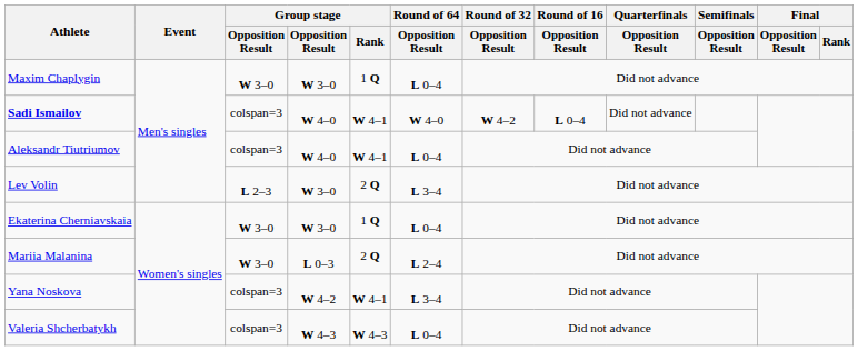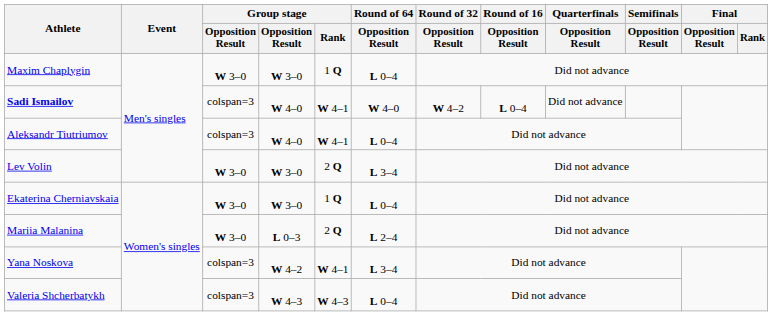 <table class="wikitable" style="text-align:center; font-size:90%">
 <tr>
 <th rowspan=2>Athlete</th>
 <th rowspan=2>Event</th>
 <th colspan=3>Group stage</th>
 <th>Round of 64</th>
 <th>Round of 32</th>
 <th>Round of 16</th>
 <th>Quarterfinals</th>
 <th>Semifinals</th>
 <th colspan=2>Final</th>
 </tr>
 <tr style="font-size:95%">
 <th>Opposition<br>Result</th>
 <th>Opposition<br>Result</th>
 <th>Rank</th>
 <th>Opposition<br>Result</th>
 <th>Opposition<br>Result</th>
 <th>Opposition<br>Result</th>
 <th>Opposition<br>Result</th>
 <th>Opposition<br>Result</th>
 <th>Opposition<br>Result</th>
 <th>Rank</th>
 </tr>
 <tr>
 <td align=left><a href='#'>Maxim Chaplygin</a></td>
 <td rowspan=4 align=left><a href='#'>Men's singles</a></td>
 <td><br><strong>W</strong> 3–0</td>
 <td><br><strong>W</strong> 3–0</td>
 <td>1 <strong>Q</strong></td>
 <td><br><strong>L</strong> 0–4</td>
 <td colspan=6>Did not advance</td>
 </tr>
 <tr>
 <td align=left><strong><a href='#'>Sadi Ismailov</a></strong></td>
 <td>colspan=3 </td>
 <td><br><strong>W</strong> 4–0</td>
 <td><br><strong>W</strong> 4–1</td>
 <td><br><strong>W</strong> 4–0</td>
 <td><br><strong>W</strong> 4–2</td>
 <td><br><strong>L</strong> 0–4</td>
 <td>Did not advance</td>
 <td></td>
 </tr>
 <tr>
 <td align=left><a href='#'>Aleksandr Tiutriumov</a></td>
 <td>colspan=3 </td>
 <td><br><strong>W</strong> 4–0</td>
 <td><br><strong>W</strong> 4–1</td>
 <td><br><strong>L</strong> 0–4</td>
 <td colspan=4>Did not advance</td>
 </tr>
 <tr>
 <td align=left><a href='#'>Lev Volin</a></td>
-<td><br><strong>L</strong> 2–3</td>
+<td><br><strong>W</strong> 3–0</td>
 <td><br><strong>W</strong> 3–0</td>
 <td>2 <strong>Q</strong></td>
 <td><br><strong>L</strong> 3–4</td>
 <td colspan=6>Did not advance</td>
 </tr>
 <tr>
 <td align=left><a href='#'>Ekaterina Cherniavskaia</a></td>
 <td rowspan=4 align=left><a href='#'>Women's singles</a></td>
 <td><br><strong>W</strong> 3–0</td>
 <td><br><strong>W</strong> 3–0</td>
 <td>1 <strong>Q</strong></td>
 <td><br><strong>L</strong> 0–4</td>
 <td colspan=6>Did not advance</td>
 </tr>
 <tr>
 <td align=left><a href='#'>Mariia Malanina</a></td>
 <td><br><strong>W</strong> 3–0</td>
 <td><br><strong>L</strong> 0–3</td>
 <td>2 <strong>Q</strong></td>
 <td><br><strong>L</strong> 2–4</td>
 <td colspan=6>Did not advance</td>
 </tr>
 <tr>
 <td align=left><a href='#'>Yana Noskova</a></td>
 <td>colspan=3 </td>
 <td><br><strong>W</strong> 4–2</td>
 <td><br><strong>W</strong> 4–1</td>
 <td><br><strong>L</strong> 3–4</td>
 <td colspan=4>Did not advance</td>
 </tr>
 <tr>
 <td align=left><a href='#'>Valeria Shcherbatykh</a></td>
 <td>colspan=3 </td>
 <td><br><strong>W</strong> 4–3</td>
 <td><br><strong>W</strong> 4–3</td>
 <td><br><strong>L</strong> 0–4</td>
 <td colspan=4>Did not advance</td>
 </tr>
 </table>
